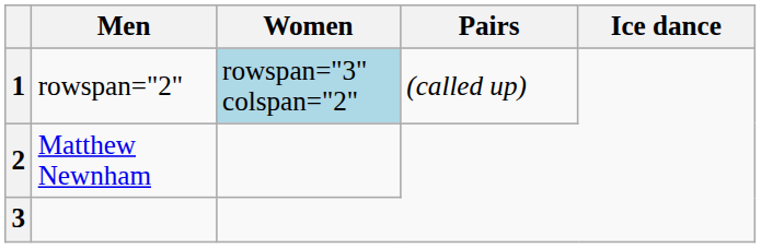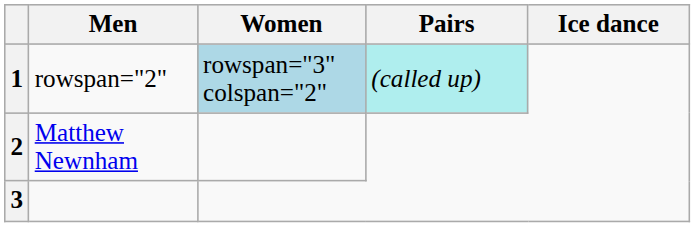 <table class="wikitable unsortable" style="text-align:left; width:70%">
 <tr>
 <th scope="col"></th>
 <th scope="col" style="width:25%">Men</th>
 <th scope="col" style="width:25%">Women</th>
 <th scope="col" style="width:25%">Pairs</th>
 <th scope="col" style="width:25%">Ice dance</th>
 </tr>
 <tr>
 <th scope="row">1</th>
 <td>rowspan="2" </td>
 <td style="background: lightblue;">rowspan="3" colspan="2" </td>
-<td> <em>(called up)</em></td>
+<td style="background: paleturquoise;"> <em>(called up)</em></td>
 </tr>
 <tr>
 <th scope="row">2</th>
 <td><a href='#'>Matthew Newnham</a></td>
 <td></td>
 </tr>
 <tr>
 <th scope="row">3</th>
 <td></td>
 </tr>
 </table>
